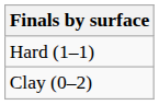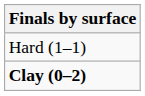 <table class=wikitable style=font-size:97%>
 <tr>
 <th>Finals by surface</th>
 </tr>
 <tr>
 <td>Hard (1–1)</td>
 </tr>
 <tr>
-<td>Clay (0–2)</td>
+<td><strong>Clay (0–2)</strong></td>
 </tr>
 </table>
